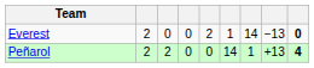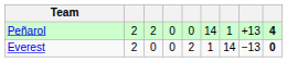 <table class="wikitable" style="text-align: center;">
 <tr>
 <th width="165">Team</th>
 <th width="20"></th>
 <th width="20"></th>
 <th width="20"></th>
 <th width="20"></th>
 <th width="20"></th>
 <th width="20"></th>
 <th width="20"></th>
 <th width="20"></th>
 </tr>
+<tr bgcolor=ccffcc>
+<td align=left> <a href='#'>Peñarol</a></td>
+<td>2</td>
+<td>2</td>
+<td>0</td>
+<td>0</td>
+<td>14</td>
+<td>1</td>
+<td>+13</td>
+<td><strong>4</strong></td>
+</tr>
 <tr>
 <td align=left> <a href='#'>Everest</a></td>
 <td>2</td>
 <td>0</td>
 <td>0</td>
 <td>2</td>
 <td>1</td>
 <td>14</td>
 <td>−13</td>
 <td><strong>0</strong></td>
 </tr>
-<tr bgcolor=ccffcc>
-<td align=left> <a href='#'>Peñarol</a></td>
-<td>2</td>
-<td>2</td>
-<td>0</td>
-<td>0</td>
-<td>14</td>
-<td>1</td>
-<td>+13</td>
-<td><strong>4</strong></td>
-</tr>
 </table>
